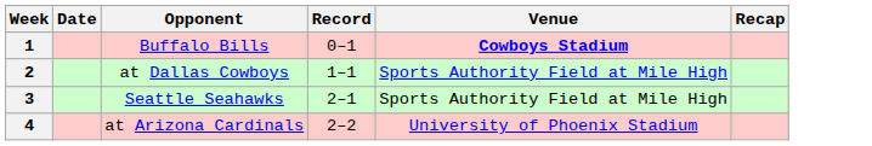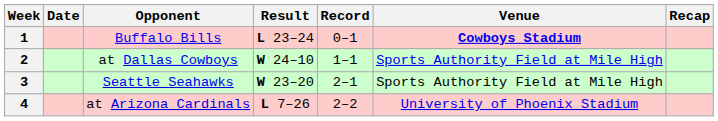 <table class="wikitable" style="text-align:center">
 <tr>
 <th>Week</th>
 <th>Date</th>
 <th>Opponent</th>
+<th>Result</th>
 <th>Record</th>
 <th>Venue</th>
 <th>Recap</th>
 </tr>
 <tr style="background:#fcc">
 <th>1</th>
 <td></td>
 <td><a href='#'>Buffalo Bills</a></td>
+<td><strong>L</strong> 23–24</td>
 <td>0–1</td>
 <td><strong><a href='#'>Cowboys Stadium</a></strong></td>
 <td></td>
 </tr>
 <tr style="background:#cfc">
 <th>2</th>
 <td></td>
 <td>at <a href='#'>Dallas Cowboys</a></td>
+<td><strong>W</strong> 24–10</td>
 <td>1–1</td>
 <td><a href='#'>Sports Authority Field at Mile High</a></td>
 <td></td>
 </tr>
 <tr style="background:#cfc">
 <th>3</th>
 <td></td>
 <td><a href='#'>Seattle Seahawks</a></td>
+<td><strong>W</strong> 23–20</td>
 <td>2–1</td>
 <td>Sports Authority Field at Mile High</td>
 <td></td>
 </tr>
 <tr style="background:#fcc">
 <th>4</th>
 <td></td>
 <td>at <a href='#'>Arizona Cardinals</a></td>
+<td><strong>L</strong> 7–26</td>
 <td>2–2</td>
 <td><a href='#'>University of Phoenix Stadium</a></td>
 <td></td>
 </tr>
 </table>
